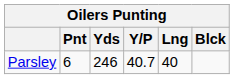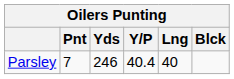 <table class="wikitable">
 <tr>
 <th colspan="6">Oilers Punting</th>
 </tr>
 <tr>
 <th></th>
 <th>Pnt</th>
 <th>Yds</th>
 <th>Y/P</th>
 <th>Lng</th>
 <th>Blck</th>
 </tr>
 <tr>
 <td><a href='#'>Parsley</a></td>
-<td>6</td>
+<td>7</td>
 <td>246</td>
-<td>40.7</td>
+<td>40.4</td>
 <td>40</td>
 <td></td>
 </tr>
 </table>
